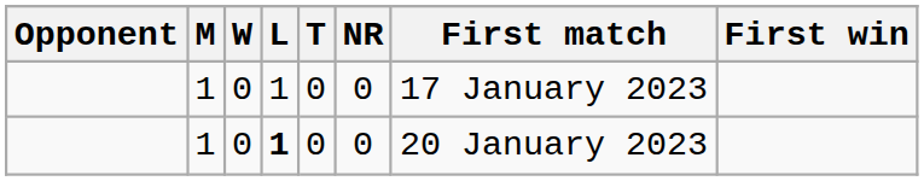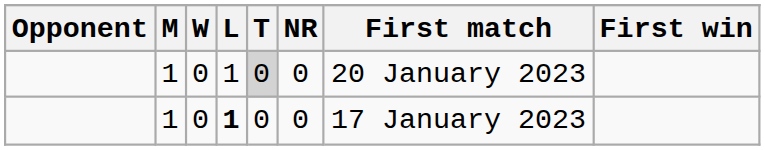 <table class="wikitable" style="text-align: center;">
 <tr>
 </tr>
 <tr>
 <th>Opponent</th>
 <th>M</th>
 <th>W</th>
 <th>L</th>
 <th>T</th>
 <th>NR</th>
 <th>First match</th>
 <th>First win</th>
 </tr>
 <tr>
 <td></td>
 <td>1</td>
 <td>0</td>
 <td>1</td>
+<td style="background: lightgrey;">0</td>
 <td>0</td>
-<td>0</td>
-<td>17 January 2023</td>
+<td>20 January 2023</td>
 <td></td>
 </tr>
 <tr>
 <td></td>
 <td>1</td>
 <td>0</td>
 <td><strong>1</strong></td>
 <td>0</td>
 <td>0</td>
-<td>20 January 2023</td>
+<td>17 January 2023</td>
 <td></td>
 </tr>
 </table>
